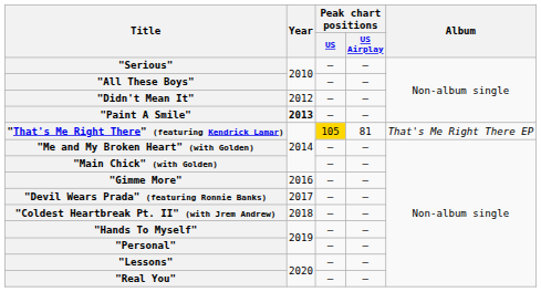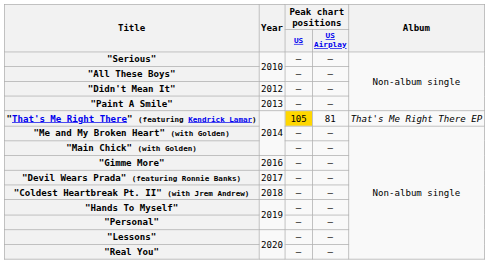 <table class="wikitable plainrowheaders" style="text-align:center;">
 <tr>
 <th rowspan="2" scope="col">Title</th>
 <th rowspan="2" scope="col">Year</th>
 <th colspan="2" scope="col">Peak chart positions</th>
 <th rowspan="2">Album</th>
 </tr>
 <tr>
 <th scope="col" style="width:3em;font-size:85%;"><a href='#'>US</a></th>
 <th scope="col" style="width:3em;font-size:85%;"><a href='#'>US<br>Airplay</a></th>
 </tr>
 <tr>
 <th scope="row">"Serious"</th>
 <td rowspan="2">2010</td>
 <td>—</td>
 <td>—</td>
 <td rowspan="4">Non-album single</td>
 </tr>
 <tr>
 <th scope="row">"All These Boys"</th>
 <td>—</td>
 <td>—</td>
 </tr>
 <tr>
 <th scope="row">"Didn't Mean It"</th>
 <td>2012</td>
 <td>—</td>
 <td>—</td>
 </tr>
 <tr>
 <th scope="row">"Paint A Smile"</th>
-<td><strong>2013</strong></td>
+<td>2013</td>
 <td>—</td>
 <td>—</td>
 </tr>
 <tr>
 <th scope="row">"<a href='#'>That's Me Right There</a>" <small>(featuring <a href='#'>Kendrick Lamar</a>)</small></th>
 <td rowspan="3">2014</td>
 <td style="background: gold;">105</td>
 <td>81</td>
 <td><em>That's Me Right There EP</em></td>
 </tr>
 <tr>
 <th scope="row">"Me and My Broken Heart" <small>(with Golden)</small></th>
 <td>—</td>
 <td>—</td>
 <td rowspan="9">Non-album single</td>
 </tr>
 <tr>
 <th scope="row">"Main Chick" <small>(with Golden)</small></th>
 <td>—</td>
 <td>—</td>
 </tr>
 <tr>
 <th scope="row">"Gimme More"</th>
 <td>2016</td>
 <td>—</td>
 <td>—</td>
 </tr>
 <tr>
 <th scope="row">"Devil Wears Prada" <small>(featuring Ronnie Banks)</small></th>
 <td>2017</td>
 <td>—</td>
 <td>—</td>
 </tr>
 <tr>
 <th scope="row">"Coldest Heartbreak Pt. II" <small>(with Jrem Andrew)</small></th>
 <td>2018</td>
 <td>—</td>
 <td>—</td>
 </tr>
 <tr>
 <th scope="row">"Hands To Myself"</th>
 <td rowspan="2">2019</td>
 <td>—</td>
 <td>—</td>
 </tr>
 <tr>
 <th scope="row">"Personal"</th>
 <td>—</td>
 <td>—</td>
 </tr>
 <tr>
 <th scope="row">"Lessons"</th>
 <td rowspan="2">2020</td>
 <td>—</td>
 <td>—</td>
 </tr>
 <tr>
 <th scope="row">"Real You"</th>
 <td>—</td>
 <td>—</td>
 </tr>
 </table>
